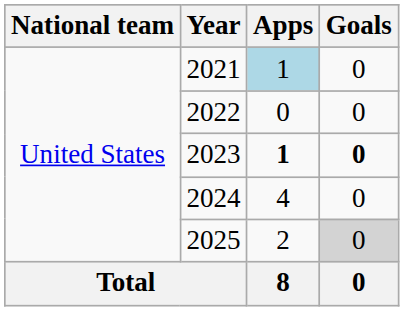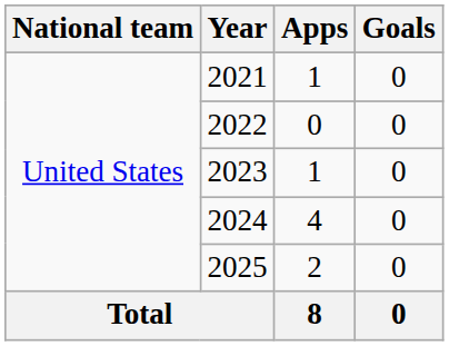 <table class="wikitable" style="text-align:center">
 <tr>
 <th>National team</th>
 <th>Year</th>
 <th>Apps</th>
 <th>Goals</th>
 </tr>
 <tr>
 <td rowspan="5"><a href='#'>United States</a></td>
 <td>2021</td>
-<td style="background: lightblue;">1</td>
+<td>1</td>
 <td>0</td>
 </tr>
 <tr>
 <td>2022</td>
 <td>0</td>
 <td>0</td>
 </tr>
 <tr>
 <td>2023</td>
-<td><strong>1</strong></td>
-<td><strong>0</strong></td>
+<td>1</td>
+<td>0</td>
 </tr>
 <tr>
 <td>2024</td>
 <td>4</td>
 <td>0</td>
 </tr>
 <tr>
 <td>2025</td>
 <td>2</td>
-<td style="background: lightgrey;">0</td>
+<td>0</td>
 </tr>
 <tr>
 <th colspan="2">Total</th>
 <th>8</th>
 <th>0</th>
 </tr>
 </table>
